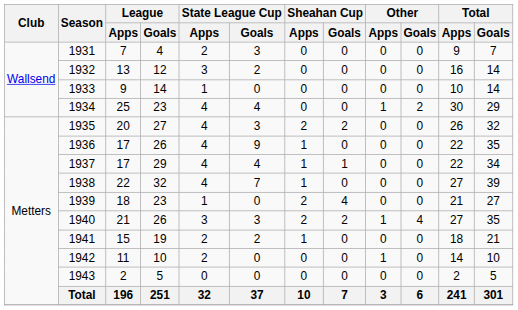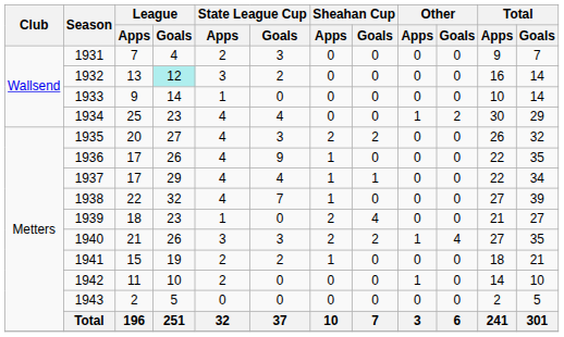 <table class="wikitable" style="font-size:100%; text-align: center;">
 <tr>
 <th rowspan=2>Club</th>
 <th rowspan=2>Season</th>
 <th colspan=2>League</th>
 <th colspan=2>State League Cup</th>
 <th colspan=2>Sheahan Cup</th>
 <th colspan=2>Other</th>
 <th colspan=2>Total</th>
 </tr>
 <tr>
 <th>Apps</th>
 <th>Goals</th>
 <th>Apps</th>
 <th>Goals</th>
 <th>Apps</th>
 <th>Goals</th>
 <th>Apps</th>
 <th>Goals</th>
 <th>Apps</th>
 <th>Goals</th>
 </tr>
 <tr>
 <td rowspan=4><a href='#'>Wallsend</a></td>
 <td>1931</td>
 <td>7</td>
 <td>4</td>
 <td>2</td>
 <td>3</td>
 <td>0</td>
 <td>0</td>
 <td>0</td>
 <td>0</td>
 <td>9</td>
 <td>7</td>
 </tr>
 <tr>
 <td>1932</td>
 <td>13</td>
-<td>12</td>
+<td style="background: paleturquoise;">12</td>
 <td>3</td>
 <td>2</td>
 <td>0</td>
 <td>0</td>
 <td>0</td>
 <td>0</td>
 <td>16</td>
 <td>14</td>
 </tr>
 <tr>
 <td>1933</td>
 <td>9</td>
 <td>14</td>
 <td>1</td>
 <td>0</td>
 <td>0</td>
 <td>0</td>
 <td>0</td>
 <td>0</td>
 <td>10</td>
 <td>14</td>
 </tr>
 <tr>
 <td>1934</td>
 <td>25</td>
 <td>23</td>
 <td>4</td>
 <td>4</td>
 <td>0</td>
 <td>0</td>
 <td>1</td>
 <td>2</td>
 <td>30</td>
 <td>29</td>
 </tr>
 <tr>
 <td rowspan=10>Metters</td>
 <td>1935</td>
 <td>20</td>
 <td>27</td>
 <td>4</td>
 <td>3</td>
 <td>2</td>
 <td>2</td>
 <td>0</td>
 <td>0</td>
 <td>26</td>
 <td>32</td>
 </tr>
 <tr>
 <td>1936</td>
 <td>17</td>
 <td>26</td>
 <td>4</td>
 <td>9</td>
 <td>1</td>
 <td>0</td>
 <td>0</td>
 <td>0</td>
 <td>22</td>
 <td>35</td>
 </tr>
 <tr>
 <td>1937</td>
 <td>17</td>
 <td>29</td>
 <td>4</td>
 <td>4</td>
 <td>1</td>
 <td>1</td>
 <td>0</td>
 <td>0</td>
 <td>22</td>
 <td>34</td>
 </tr>
 <tr>
 <td>1938</td>
 <td>22</td>
 <td>32</td>
 <td>4</td>
 <td>7</td>
 <td>1</td>
 <td>0</td>
 <td>0</td>
 <td>0</td>
 <td>27</td>
 <td>39</td>
 </tr>
 <tr>
 <td>1939</td>
 <td>18</td>
 <td>23</td>
 <td>1</td>
 <td>0</td>
 <td>2</td>
 <td>4</td>
 <td>0</td>
 <td>0</td>
 <td>21</td>
 <td>27</td>
 </tr>
 <tr>
 <td>1940</td>
 <td>21</td>
 <td>26</td>
 <td>3</td>
 <td>3</td>
 <td>2</td>
 <td>2</td>
 <td>1</td>
 <td>4</td>
 <td>27</td>
 <td>35</td>
 </tr>
 <tr>
 <td>1941</td>
 <td>15</td>
 <td>19</td>
 <td>2</td>
 <td>2</td>
 <td>1</td>
 <td>0</td>
 <td>0</td>
 <td>0</td>
 <td>18</td>
 <td>21</td>
 </tr>
 <tr>
 <td>1942</td>
 <td>11</td>
 <td>10</td>
 <td>2</td>
 <td>0</td>
 <td>0</td>
 <td>0</td>
 <td>1</td>
 <td>0</td>
 <td>14</td>
 <td>10</td>
 </tr>
 <tr>
 <td>1943</td>
 <td>2</td>
 <td>5</td>
 <td>0</td>
 <td>0</td>
 <td>0</td>
 <td>0</td>
 <td>0</td>
 <td>0</td>
 <td>2</td>
 <td>5</td>
 </tr>
 <tr>
 <th>Total</th>
 <th>196</th>
 <th>251</th>
 <th>32</th>
 <th>37</th>
 <th>10</th>
 <th>7</th>
 <th>3</th>
 <th>6</th>
 <th>241</th>
 <th>301</th>
 </tr>
 <tr>
 </tr>
 </table>
